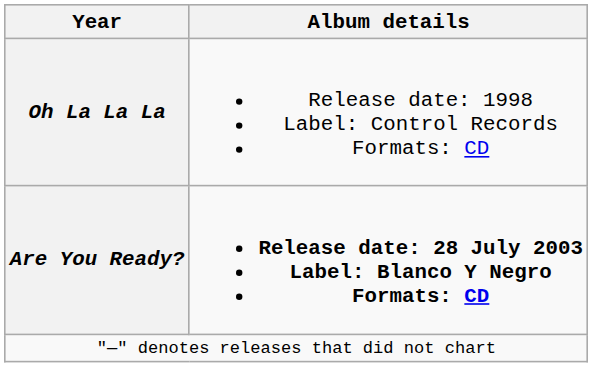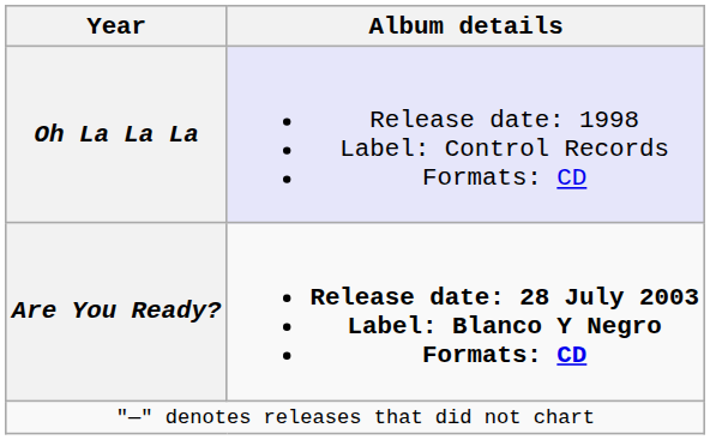 <table class="wikitable" style="text-align:center;">
 <tr>
 <th>Year</th>
 <th>Album details</th>
 </tr>
 <tr>
 <th scope="row"><em>Oh La La La</em></th>
-<td><br><ul><li>Release date: 1998</li><li>Label: Control Records</li><li>Formats: <a href='#'>CD</a></li></ul></td>
+<td style="background: lavender;"><br><ul><li>Release date: 1998</li><li>Label: Control Records</li><li>Formats: <a href='#'>CD</a></li></ul></td>
 </tr>
 <tr>
 <th scope="row"><em>Are You Ready?</em></th>
 <td><strong><br><ul><li>Release date: 28 July 2003</li><li>Label: Blanco Y Negro</li><li>Formats: <a href='#'>CD</a></li></ul></strong></td>
 </tr>
 <tr>
 <td colspan="15" style="font-size:8pt">"—" denotes releases that did not chart</td>
 </tr>
 </table>
